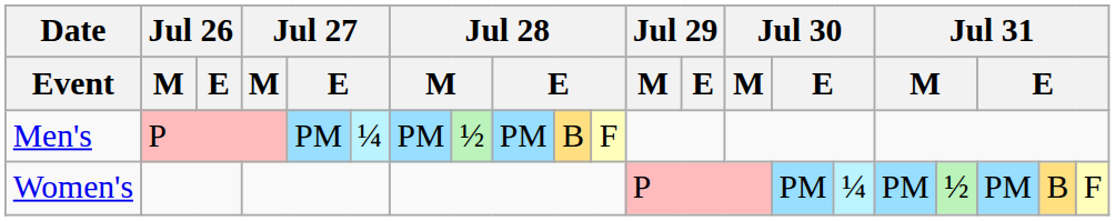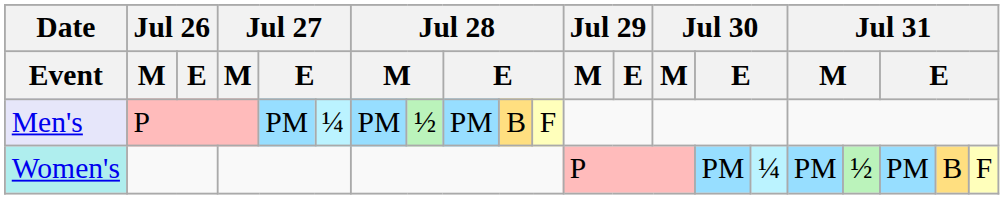 <table class="wikitable olympic-schedule Rugby Sevens">
 <tr>
 <th>Date</th>
 <th colspan="2">Jul 26</th>
 <th colspan="3">Jul 27</th>
 <th colspan="5">Jul 28</th>
 <th colspan="2">Jul 29</th>
 <th colspan="3">Jul 30</th>
 <th colspan="7">Jul 31</th>
 </tr>
 <tr>
 <th>Event</th>
 <th>M</th>
 <th>E</th>
 <th>M</th>
 <th colspan="2">E</th>
 <th colspan="2">M</th>
 <th colspan="3">E</th>
 <th>M</th>
 <th>E</th>
 <th>M</th>
 <th colspan="2">E</th>
 <th colspan="2">M</th>
 <th colspan="4">E</th>
 </tr>
 <tr>
-<td class="event"><a href='#'>Men's</a></td>
+<td class="event" style="background: lavender;"><a href='#'>Men's</a></td>
 <td colspan="3" bgcolor="#FFBBBB"  class="pool stage">P</td>
 <td bgcolor="#97DEFF" class="placingmatches">PM</td>
 <td bgcolor="#BBF3FF" class="quarterfinals">¼</td>
 <td bgcolor="#97DEFF" class="placingmatches">PM</td>
 <td bgcolor="#BBF3BB" class="semifinal">½</td>
 <td bgcolor="#97DEFF" class="placingmatches">PM</td>
 <td style="background-color:#FFDF80;">B</td>
 <td style="background-color:#FFFFBB;">F</td>
 <td colspan="2"></td>
 <td colspan="3"></td>
 <td colspan="5"></td>
 </tr>
 <tr>
-<td class="event"><a href='#'>Women's</a></td>
+<td class="event" style="background: paleturquoise;"><a href='#'>Women's</a></td>
 <td colspan="2"></td>
 <td colspan="3"></td>
 <td colspan="5"></td>
 <td colspan="3" bgcolor="#FFBBBB" class="pool stage">P</td>
 <td bgcolor="#97DEFF" class="placingmatches">PM</td>
 <td bgcolor="#BBF3FF" class="quarterfinals">¼</td>
 <td bgcolor="#97DEFF" class="placingmatches">PM</td>
 <td bgcolor="#BBF3BB" class="semifinal">½</td>
 <td bgcolor="#97DEFF" class="placingmatches">PM</td>
 <td style="background-color:#FFDF80;">B</td>
 <td style="background-color:#FFFFBB;">F</td>
 </tr>
 </table>
